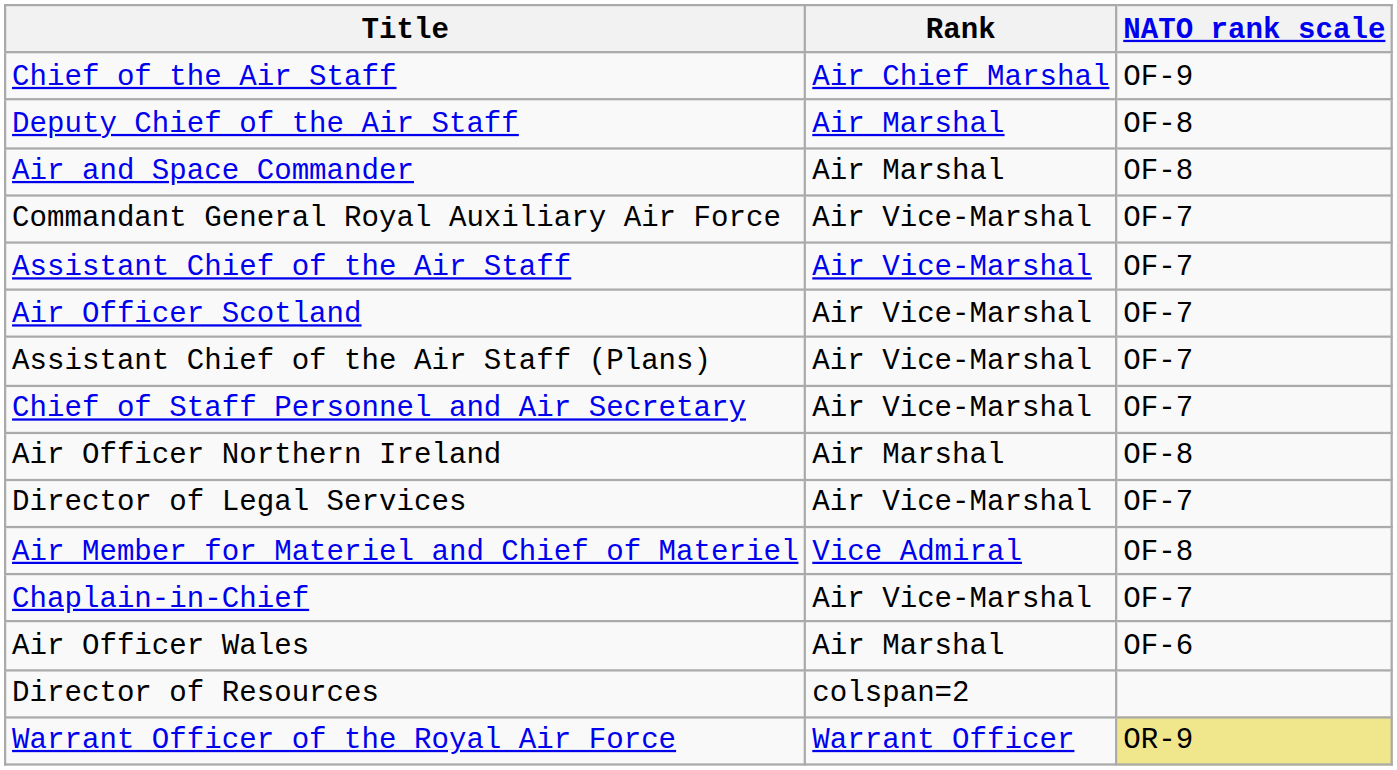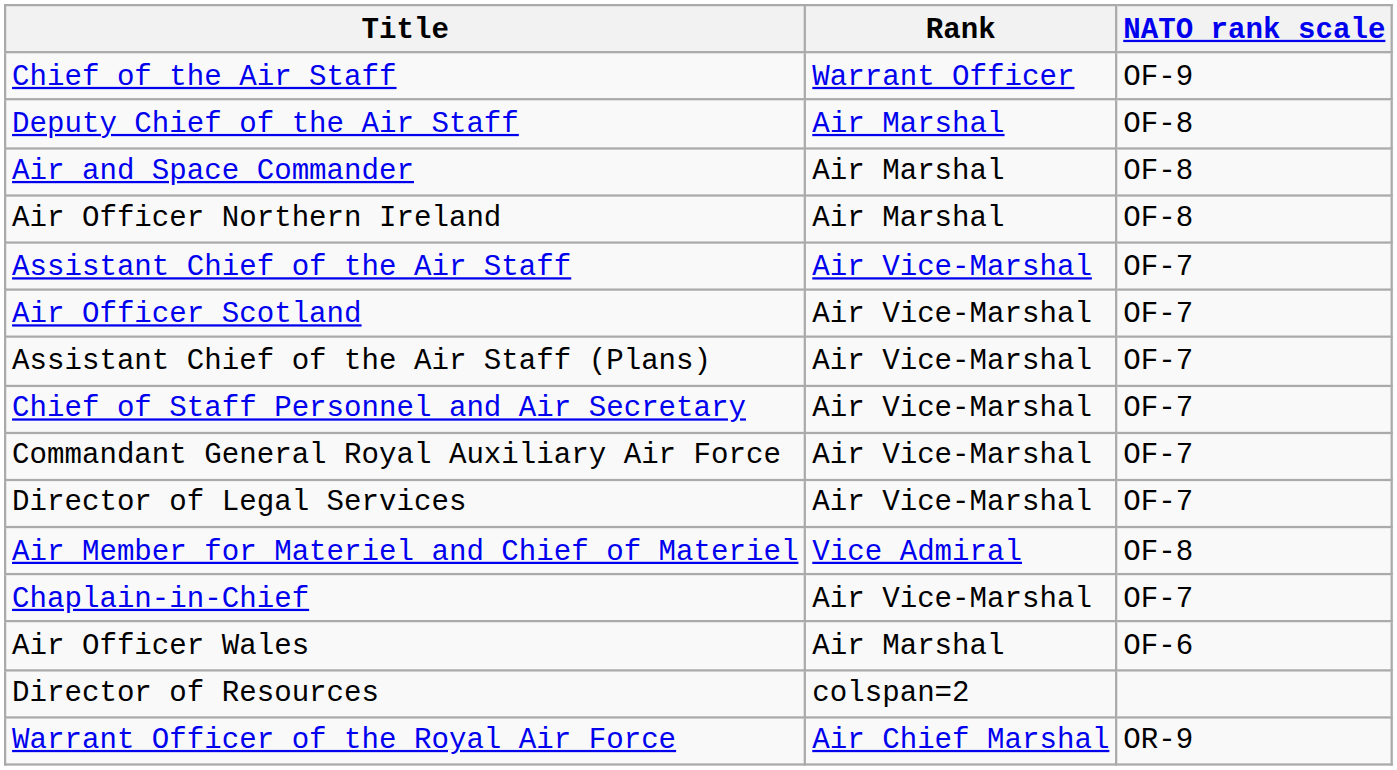 <table class="wikitable">
 <tr>
 <th>Title</th>
 <th>Rank</th>
 <th><a href='#'>NATO rank scale</a></th>
 </tr>
 <tr>
 <td><a href='#'>Chief of the Air Staff</a></td>
-<td><a href='#'>Air Chief Marshal</a></td>
+<td><a href='#'>Warrant Officer</a></td>
 <td>OF-9</td>
 </tr>
 <tr>
 <td><a href='#'>Deputy Chief of the Air Staff</a></td>
 <td><a href='#'>Air Marshal</a></td>
 <td>OF-8</td>
 </tr>
 <tr>
 <td><a href='#'>Air and Space Commander</a></td>
 <td>Air Marshal</td>
 <td>OF-8</td>
 </tr>
 <tr>
-<td>Commandant General Royal Auxiliary Air Force</td>
-<td>Air Vice-Marshal</td>
-<td>OF-7</td>
+<td>Air Officer Northern Ireland</td>
+<td>Air Marshal</td>
+<td>OF-8</td>
 </tr>
 <tr>
 <td><a href='#'>Assistant Chief of the Air Staff</a></td>
 <td><a href='#'>Air Vice-Marshal</a></td>
 <td>OF-7</td>
 </tr>
 <tr>
 <td><a href='#'>Air Officer Scotland</a></td>
 <td>Air Vice-Marshal</td>
 <td>OF-7</td>
 </tr>
 <tr>
 <td>Assistant Chief of the Air Staff (Plans)</td>
 <td>Air Vice-Marshal</td>
 <td>OF-7</td>
 </tr>
 <tr>
 <td><a href='#'>Chief of Staff Personnel and Air Secretary</a></td>
 <td>Air Vice-Marshal</td>
 <td>OF-7</td>
 </tr>
 <tr>
-<td>Air Officer Northern Ireland</td>
-<td>Air Marshal</td>
-<td>OF-8</td>
+<td>Commandant General Royal Auxiliary Air Force</td>
+<td>Air Vice-Marshal</td>
+<td>OF-7</td>
 </tr>
 <tr>
 <td>Director of Legal Services</td>
 <td>Air Vice-Marshal</td>
 <td>OF-7</td>
 </tr>
 <tr>
 <td><a href='#'>Air Member for Materiel and Chief of Materiel</a></td>
 <td><a href='#'>Vice Admiral</a></td>
 <td>OF-8</td>
 </tr>
 <tr>
 <td><a href='#'>Chaplain-in-Chief</a></td>
 <td>Air Vice-Marshal</td>
 <td>OF-7</td>
 </tr>
 <tr>
 <td>Air Officer Wales</td>
 <td>Air Marshal</td>
 <td>OF-6</td>
 </tr>
 <tr>
 <td>Director of Resources</td>
 <td>colspan=2 </td>
 </tr>
 <tr>
 <td><a href='#'>Warrant Officer of the Royal Air Force</a></td>
-<td><a href='#'>Warrant Officer</a></td>
-<td style="background: khaki;">OR-9</td>
+<td><a href='#'>Air Chief Marshal</a></td>
+<td>OR-9</td>
 </tr>
 </table>
